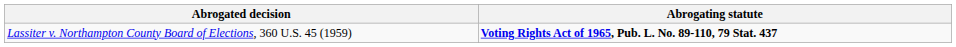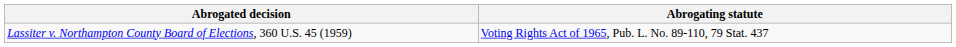 <table class="wikitable" style="width:100%; margin:auto;">
 <tr>
 <th style="width:50%;">Abrogated decision</th>
 <th style="width:50%;">Abrogating statute</th>
 </tr>
 <tr>
 <td><em><a href='#'>Lassiter v. Northampton County Board of Elections</a></em>, 360 U.S. 45 (1959)</td>
-<td><strong><a href='#'>Voting Rights Act of 1965</a>, Pub. L. No. 89-110, 79 Stat. 437</strong></td>
+<td><a href='#'>Voting Rights Act of 1965</a>, Pub. L. No. 89-110, 79 Stat. 437</td>
 </tr>
 </table>
